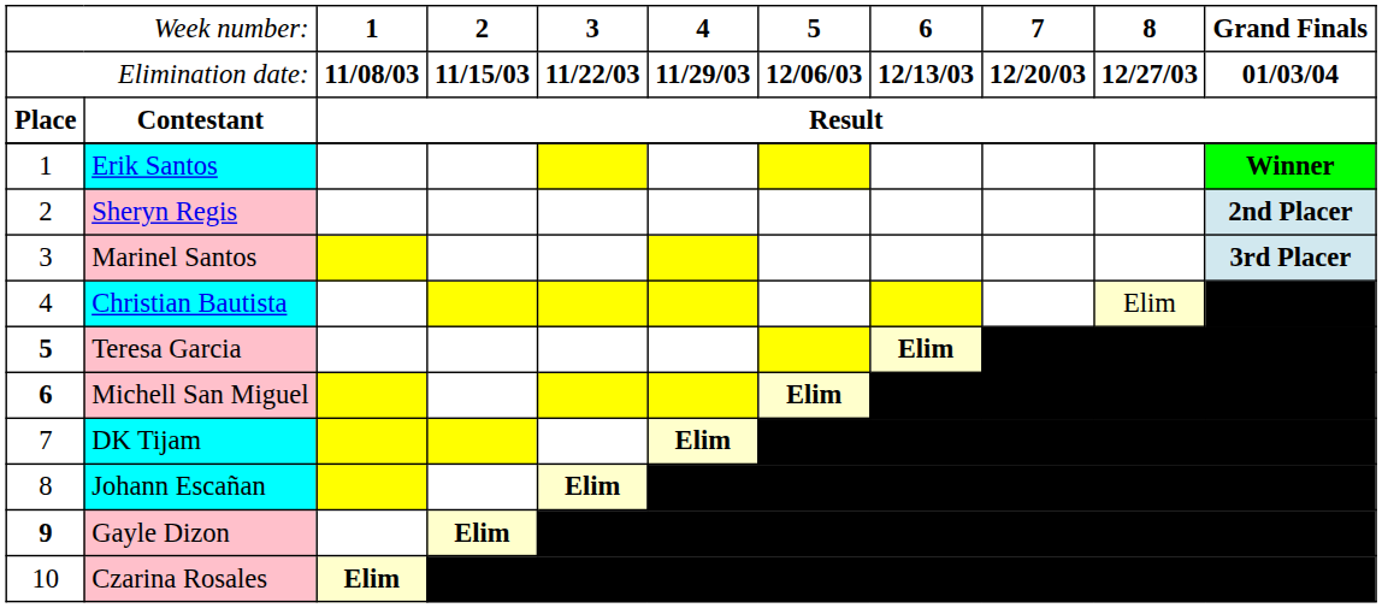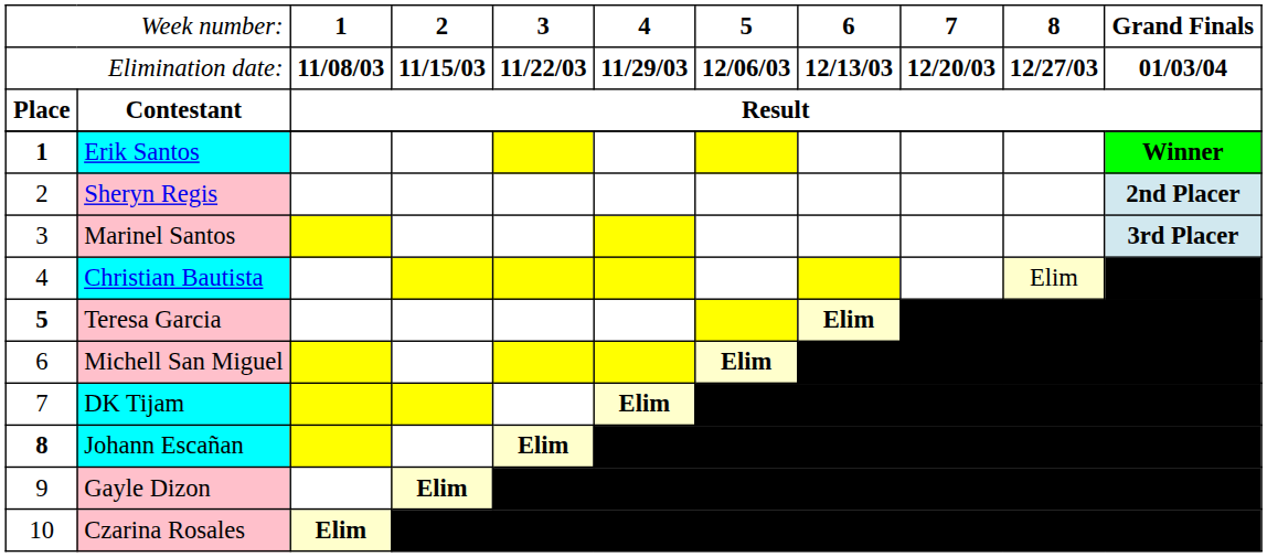 <table border="2" cellpadding="4" style="margin:1em auto; background:white; border:1px solid black; border-collapse:collapse; text-align:center">
 <tr>
 <td colspan="2" align="right"><em>Week number:</em></td>
 <th>1</th>
 <th>2</th>
 <th>3</th>
 <th>4</th>
 <th>5</th>
 <th>6</th>
 <th>7</th>
 <th>8</th>
 <th>Grand Finals</th>
 </tr>
 <tr>
 <td colspan="2" align="right"><em>Elimination date:</em></td>
 <th>11/08/03</th>
 <th>11/15/03</th>
 <th>11/22/03</th>
 <th>11/29/03</th>
 <th>12/06/03</th>
 <th>12/13/03</th>
 <th>12/20/03</th>
 <th>12/27/03</th>
 <th>01/03/04</th>
 </tr>
 <tr>
 <th>Place</th>
 <th>Contestant</th>
 <th colspan="9" align="center">Result</th>
 </tr>
 <tr>
 </tr>
 <tr>
-<td align="center">1</td>
+<td align="center"><strong>1</strong></td>
 <td style="background:cyan; color:black" align="left"><a href='#'>Erik Santos</a></td>
 <td style="background:white; color:black"></td>
 <td style="background:white; color:black"></td>
 <td style="background:yellow; color:black"></td>
 <td style="background:white; color:black"></td>
 <td style="background:yellow; color:black"></td>
 <td style="background:white; color:black"></td>
 <td style="background:white; color:black"></td>
 <td style="background:white; color:black"></td>
 <td style="background:lime; color:black"><strong>Winner</strong></td>
 </tr>
 <tr>
 <td align="center">2</td>
 <td style="background:pink; color:black" align="left"><a href='#'>Sheryn Regis</a></td>
 <td style="background:white; color:black"></td>
 <td style="background:white; color:black"></td>
 <td style="background:white; color:black"></td>
 <td style="background:white; color:black"></td>
 <td style="background:white; color:black"></td>
 <td style="background:white; color:black"></td>
 <td style="background:white; color:black"></td>
 <td style="background:white; color:black"></td>
 <td style="background:#D1E8EF; color:black"><strong>2nd Placer</strong></td>
 </tr>
 <tr>
 <td align="center">3</td>
 <td style="background:pink; color:black" align="left">Marinel Santos</td>
 <td style="background:yellow; color:black"></td>
 <td style="background:white; color:black"></td>
 <td style="background:white; color:black"></td>
 <td style="background:yellow; color:black"></td>
 <td style="background:white; color:black"></td>
 <td style="background:white; color:black"></td>
 <td style="background:white; color:black"></td>
 <td style="background:white; color:black"></td>
 <td style="background:#D1E8EF; color:black"><strong>3rd Placer</strong></td>
 </tr>
 <tr>
 <td align="center">4</td>
 <td style="background:cyan; color:black" align="left"><a href='#'>Christian Bautista</a></td>
 <td style="background:white; color:black"></td>
 <td style="background:yellow; color:black"></td>
 <td style="background:yellow; color:black"></td>
 <td style="background:yellow; color:black"></td>
 <td style="background:white; color:black"></td>
 <td style="background:yellow; color:black"></td>
 <td style="background:white; color:black"></td>
 <td style="background:#FFFFCC; color:black">Elim</td>
 <td style="background:Black; color:white" colspan=1></td>
 </tr>
 <tr>
 <td align="center"><strong>5</strong></td>
 <td style="background:pink; color:black" align="left">Teresa Garcia</td>
 <td style="background:white; color:black"></td>
 <td style="background:white; color:black"></td>
 <td style="background:white; color:black"></td>
 <td style="background:white; color:black"></td>
 <td style="background:yellow; color:black"></td>
 <td style="background:#FFFFCC; color:black"><strong>Elim</strong></td>
 <td style="background:Black; color:white" colspan=3></td>
 </tr>
 <tr>
-<td align="center"><strong>6</strong></td>
+<td align="center">6</td>
 <td style="background:pink; color:black" align="left">Michell San Miguel</td>
 <td style="background:yellow; color:black"></td>
 <td style="background:white; color:black"></td>
 <td style="background:yellow; color:black"></td>
 <td style="background:yellow; color:black"></td>
 <td style="background:#FFFFCC; color:black"><strong>Elim</strong></td>
 <td style="background:Black; color:white" colspan=4></td>
 </tr>
 <tr>
 <td align="center">7</td>
 <td style="background:cyan; color:black" align="left">DK Tijam</td>
 <td style="background:yellow; color:black"></td>
 <td style="background:yellow; color:black"></td>
 <td style="background:white; color:black"></td>
 <td style="background:#FFFFCC; color:black"><strong>Elim</strong></td>
 <td style="background:Black; color:white" colspan=5></td>
 </tr>
 <tr>
-<td align="center">8</td>
+<td align="center"><strong>8</strong></td>
 <td style="background:cyan; color:black" align="left">Johann Escañan</td>
 <td style="background:yellow; color:black"></td>
 <td style="background:white; color:black"></td>
 <td style="background:#FFFFCC; color:black"><strong>Elim</strong></td>
 <td style="background:Black; color:white" colspan=6></td>
 </tr>
 <tr>
-<td align="center"><strong>9</strong></td>
+<td align="center">9</td>
 <td style="background:pink; color:black" align="left">Gayle Dizon</td>
 <td style="background:white; color:black"></td>
 <td style="background:#FFFFCC; color:black"><strong>Elim</strong></td>
 <td style="background:Black; color:white" colspan=7></td>
 </tr>
 <tr>
 <td align="center">10</td>
 <td style="background:pink; color:black" align="left">Czarina Rosales</td>
 <td style="background:#FFFFCC; color:black"><strong>Elim</strong></td>
 <td style="background:Black; color:white" colspan=8></td>
 </tr>
 </table>
